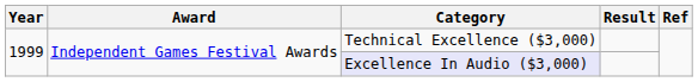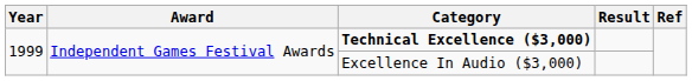 <table class="wikitable sortable">
 <tr>
 <th>Year</th>
 <th>Award</th>
 <th>Category</th>
 <th>Result</th>
 <th>Ref</th>
 </tr>
 <tr>
 <td style="text-align:center;" rowspan="2">1999</td>
 <td rowspan="2"><a href='#'>Independent Games Festival</a> Awards</td>
-<td>Technical Excellence ($3,000)</td>
+<td><strong>Technical Excellence ($3,000)</strong></td>
 <td></td>
 <td rowspan="2"></td>
 </tr>
 <tr>
-<td style="background: lavender;">Excellence In Audio ($3,000)</td>
+<td>Excellence In Audio ($3,000)</td>
 <td></td>
 </tr>
 </table>
